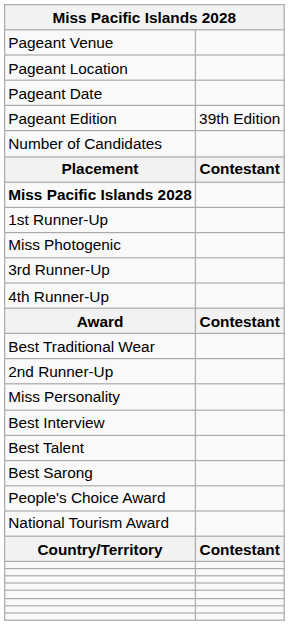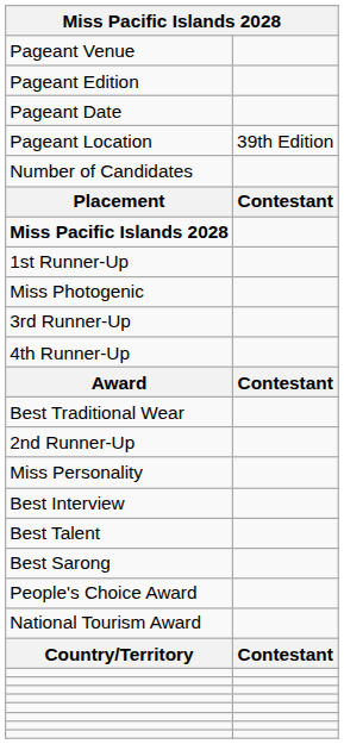 <table class="wikitable sortable" style="font-size: 80%;">
 <tr>
 <th colspan="2"><strong>Miss Pacific Islands 2028</strong></th>
 </tr>
 <tr>
 <td>Pageant Venue</td>
 <td></td>
 </tr>
 <tr>
-<td>Pageant Location</td>
+<td>Pageant Edition</td>
 <td></td>
 </tr>
 <tr>
 <td>Pageant Date</td>
 <td></td>
 </tr>
 <tr>
-<td>Pageant Edition</td>
+<td>Pageant Location</td>
 <td>39th Edition</td>
 </tr>
 <tr>
 <td>Number of Candidates</td>
 <td></td>
 </tr>
 <tr>
 <th>Placement</th>
 <th>Contestant</th>
 </tr>
 <tr>
 <td><strong>Miss Pacific Islands 2028</strong></td>
 <td></td>
 </tr>
 <tr>
 <td>1st Runner-Up</td>
 <td></td>
 </tr>
 <tr>
 <td>Miss Photogenic</td>
 <td></td>
 </tr>
 <tr>
 <td>3rd Runner-Up</td>
 <td></td>
 </tr>
 <tr>
 <td>4th Runner-Up</td>
 <td></td>
 </tr>
 <tr>
 <th>Award</th>
 <th>Contestant</th>
 </tr>
 <tr>
 <td>Best Traditional Wear</td>
 <td></td>
 </tr>
 <tr>
 <td>2nd Runner-Up</td>
 <td></td>
 </tr>
 <tr>
 <td>Miss Personality</td>
 <td></td>
 </tr>
 <tr>
 <td>Best Interview</td>
 <td></td>
 </tr>
 <tr>
 <td>Best Talent</td>
 <td></td>
 </tr>
 <tr>
 <td>Best Sarong</td>
 <td></td>
 </tr>
 <tr>
 <td>People's Choice Award</td>
 <td></td>
 </tr>
 <tr>
 <td>National Tourism Award</td>
 <td></td>
 </tr>
 <tr>
 <th><strong>Country/Territory</strong></th>
 <th>Contestant</th>
 </tr>
 <tr>
 <td></td>
 <td></td>
 </tr>
 <tr>
 <td></td>
 <td></td>
 </tr>
 <tr>
 <td></td>
 <td></td>
 </tr>
 <tr>
 <td></td>
 <td></td>
 </tr>
 <tr>
 <td></td>
 <td></td>
 </tr>
 <tr>
 <td></td>
 <td></td>
 </tr>
 <tr>
 <td></td>
 <td></td>
 </tr>
 <tr>
 <td></td>
 <td></td>
 </tr>
 </table>
